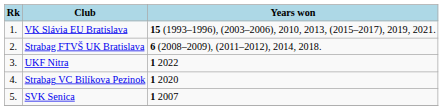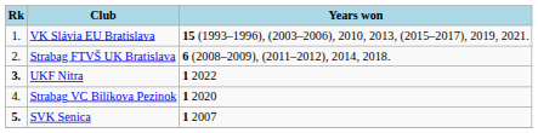 <table class=wikitable style=font-size:85%>
 <tr>
 <th style="background:lightblue">Rk</th>
 <th style="background:lightblue">Club</th>
 <th style="background:lightblue">Years won</th>
 </tr>
 <tr>
 <td align=center>1.</td>
 <td><a href='#'>VK Slávia EU Bratislava</a></td>
 <td><strong>15</strong> (1993–1996), (2003–2006), 2010, 2013, (2015–2017), 2019, 2021.</td>
 </tr>
 <tr>
 <td align=center>2.</td>
 <td><a href='#'>Strabag FTVŠ UK Bratislava</a></td>
 <td><strong>6</strong> (2008–2009), (2011–2012), 2014, 2018.</td>
 </tr>
 <tr>
-<td align=center>3.</td>
+<td align=center><strong>3.</strong></td>
 <td><a href='#'>UKF Nitra</a></td>
 <td><strong>1</strong> 2022</td>
 </tr>
 <tr>
 <td align=center>4.</td>
 <td><a href='#'>Strabag VC Bilíkova Pezinok</a></td>
 <td><strong>1</strong> 2020</td>
 </tr>
 <tr>
-<td align=center>5.</td>
+<td align=center><strong>5.</strong></td>
 <td><a href='#'>SVK Senica</a></td>
 <td><strong>1</strong> 2007</td>
 </tr>
 <tr>
 </tr>
 </table>
